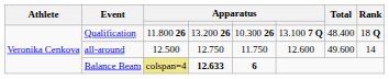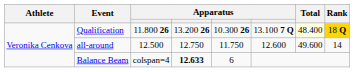 <table class="wikitable" style="font-size:90%">
 <tr>
 <th rowspan=2>Athlete</th>
 <th rowspan=2>Event</th>
 <th colspan =4>Apparatus</th>
 <th rowspan=2>Total</th>
 <th rowspan=2>Rank</th>
 </tr>
 <tr style="font-size:95%">
 <th></th>
 <th></th>
 <th></th>
 <th></th>
 </tr>
 <tr align=center>
 <td align=left rowspan=3><a href='#'>Veronika Cenkova</a></td>
 <td align=left><a href='#'>Qualification</a></td>
 <td>11.800	<strong>26	</strong></td>
 <td>13.200	<strong>26	</strong></td>
 <td>10.300	<strong>26</strong></td>
 <td>13.100	<strong>7 Q</strong></td>
-<td>48.400</td>
-<td>18 <strong>Q</strong></td>
+<td style="background: lightyellow;">48.400</td>
+<td style="background: gold;">18 <strong>Q</strong></td>
 </tr>
 <tr align=center>
 <td align=left><a href='#'>all-around</a></td>
 <td>12.500</td>
 <td>12.750</td>
 <td>11.750</td>
 <td>12.600</td>
 <td>49.600</td>
 <td>14</td>
 </tr>
 <tr align=center>
 <td align=left><a href='#'>Balance Beam</a></td>
-<td style="background: khaki;">colspan=4 </td>
+<td>colspan=4 </td>
 <td><strong>12.633</strong></td>
-<td><strong>6</strong></td>
+<td>6</td>
 </tr>
 </table>
